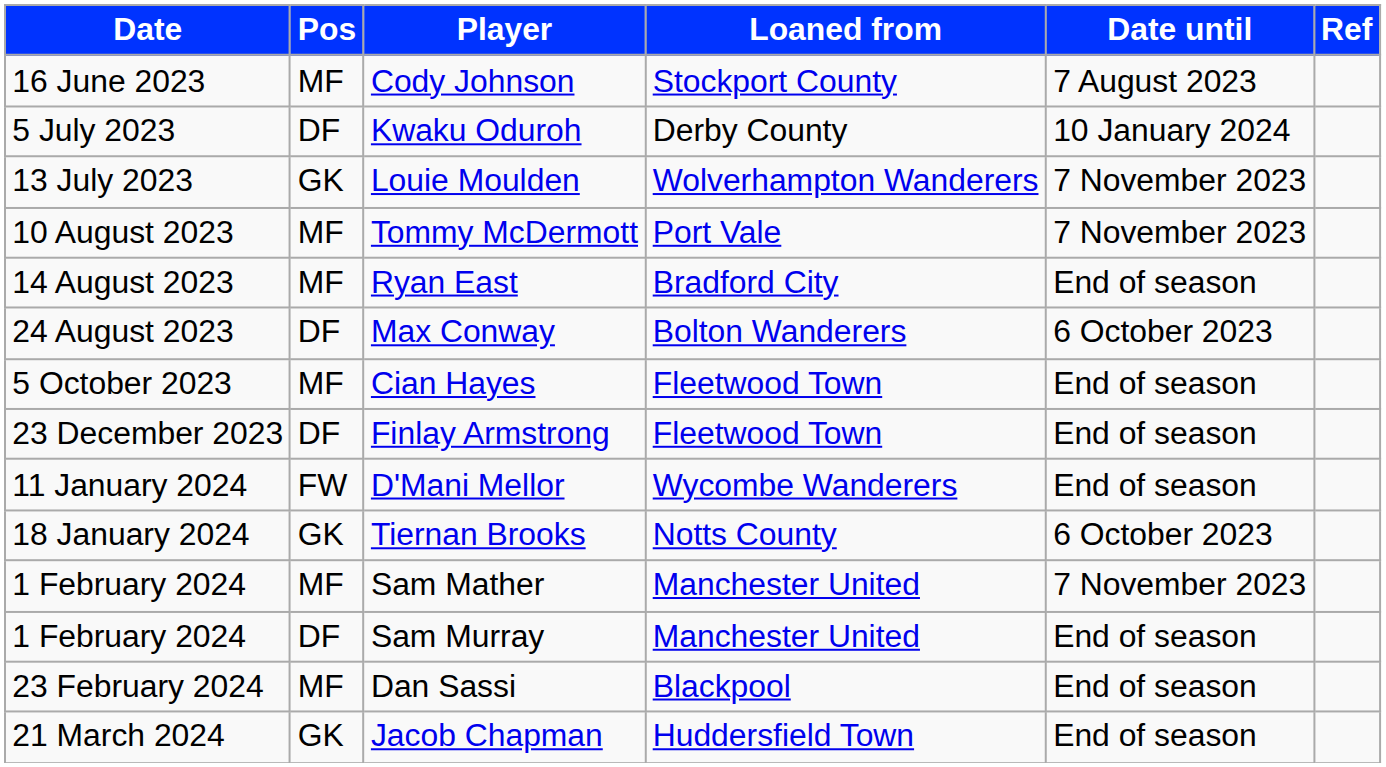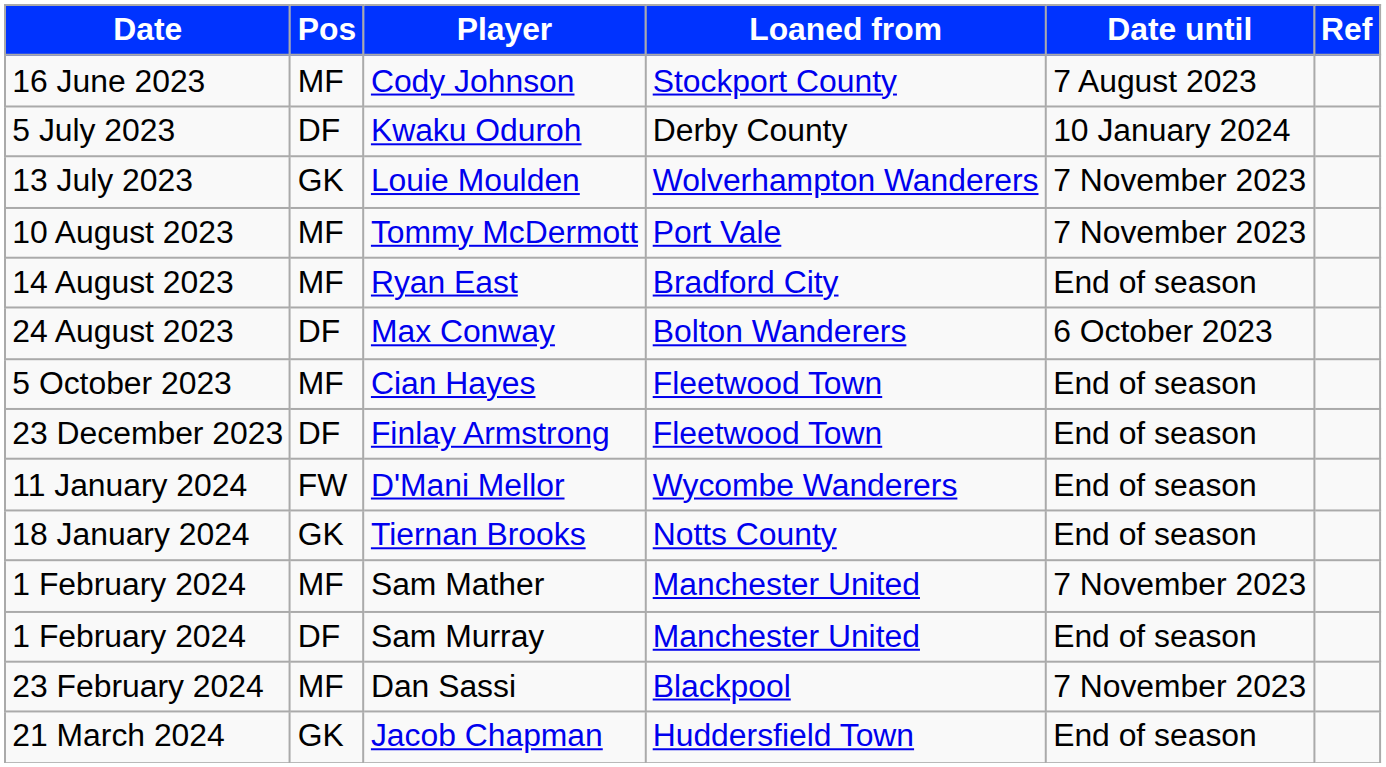 <table class="wikitable plainrowheaders sortable">
 <tr>
 <th style="background:#03f;color:#fff;">Date</th>
 <th style="background:#03f;color:#fff;">Pos</th>
 <th style="background:#03f;color:#fff;">Player</th>
 <th style="background:#03f;color:#fff;">Loaned from</th>
 <th style="background:#03f;color:#fff;">Date until</th>
 <th style="background:#03f;color:#fff;">Ref</th>
 </tr>
 <tr>
 <td>16 June 2023</td>
 <td>MF</td>
 <td> <a href='#'>Cody Johnson</a></td>
 <td> <a href='#'>Stockport County</a></td>
 <td>7 August 2023</td>
 <td></td>
 </tr>
 <tr>
 <td>5 July 2023</td>
 <td>DF</td>
 <td> <a href='#'>Kwaku Oduroh</a></td>
 <td> Derby County</td>
 <td>10 January 2024</td>
 <td></td>
 </tr>
 <tr>
 <td>13 July 2023</td>
 <td>GK</td>
 <td> <a href='#'>Louie Moulden</a></td>
 <td> <a href='#'>Wolverhampton Wanderers</a></td>
 <td>7 November 2023</td>
 <td></td>
 </tr>
 <tr>
 <td>10 August 2023</td>
 <td>MF</td>
 <td> <a href='#'>Tommy McDermott</a></td>
 <td> <a href='#'>Port Vale</a></td>
 <td>7 November 2023</td>
 <td></td>
 </tr>
 <tr>
 <td>14 August 2023</td>
 <td>MF</td>
 <td> <a href='#'>Ryan East</a></td>
 <td> <a href='#'>Bradford City</a></td>
 <td>End of season</td>
 <td></td>
 </tr>
 <tr>
 <td>24 August 2023</td>
 <td>DF</td>
 <td> <a href='#'>Max Conway</a></td>
 <td> <a href='#'>Bolton Wanderers</a></td>
 <td>6 October 2023</td>
 <td></td>
 </tr>
 <tr>
 <td>5 October 2023</td>
 <td>MF</td>
 <td> <a href='#'>Cian Hayes</a></td>
 <td> <a href='#'>Fleetwood Town</a></td>
 <td>End of season</td>
 <td></td>
 </tr>
 <tr>
 <td>23 December 2023</td>
 <td>DF</td>
 <td> <a href='#'>Finlay Armstrong</a></td>
 <td> <a href='#'>Fleetwood Town</a></td>
 <td>End of season</td>
 <td></td>
 </tr>
 <tr>
 <td>11 January 2024</td>
 <td>FW</td>
 <td> <a href='#'>D'Mani Mellor</a></td>
 <td> <a href='#'>Wycombe Wanderers</a></td>
 <td>End of season</td>
 <td></td>
 </tr>
 <tr>
 <td>18 January 2024</td>
 <td>GK</td>
 <td> <a href='#'>Tiernan Brooks</a></td>
 <td> <a href='#'>Notts County</a></td>
-<td>6 October 2023</td>
+<td>End of season</td>
 <td></td>
 </tr>
 <tr>
 <td>1 February 2024</td>
 <td>MF</td>
 <td> Sam Mather</td>
 <td> <a href='#'>Manchester United</a></td>
 <td>7 November 2023</td>
 <td></td>
 </tr>
 <tr>
 <td>1 February 2024</td>
 <td>DF</td>
 <td> Sam Murray</td>
 <td> <a href='#'>Manchester United</a></td>
 <td>End of season</td>
 <td></td>
 </tr>
 <tr>
 <td>23 February 2024</td>
 <td>MF</td>
 <td> Dan Sassi</td>
 <td> <a href='#'>Blackpool</a></td>
-<td>End of season</td>
+<td>7 November 2023</td>
 <td></td>
 </tr>
 <tr>
 <td>21 March 2024</td>
 <td>GK</td>
 <td> <a href='#'>Jacob Chapman</a></td>
 <td> <a href='#'>Huddersfield Town</a></td>
 <td>End of season</td>
 <td></td>
 </tr>
 </table>
